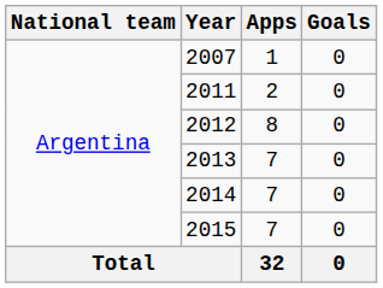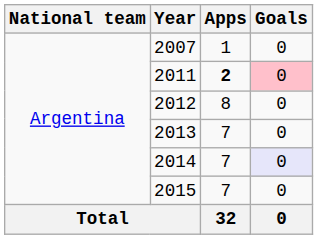 <table class="wikitable" style="text-align:center">
 <tr>
 <th>National team</th>
 <th>Year</th>
 <th>Apps</th>
 <th>Goals</th>
 </tr>
 <tr>
 <td rowspan="6"><a href='#'>Argentina</a></td>
 <td>2007</td>
 <td>1</td>
 <td>0</td>
 </tr>
 <tr>
 <td>2011</td>
-<td>2</td>
-<td>0</td>
+<td><strong>2</strong></td>
+<td style="background: pink;">0</td>
 </tr>
 <tr>
 <td>2012</td>
 <td>8</td>
 <td>0</td>
 </tr>
 <tr>
 <td>2013</td>
 <td>7</td>
 <td>0</td>
 </tr>
 <tr>
 <td>2014</td>
 <td>7</td>
-<td>0</td>
+<td style="background: lavender;">0</td>
 </tr>
 <tr>
 <td>2015</td>
 <td>7</td>
 <td>0</td>
 </tr>
 <tr>
 <th colspan="2">Total</th>
 <th>32</th>
 <th>0</th>
 </tr>
 </table>
